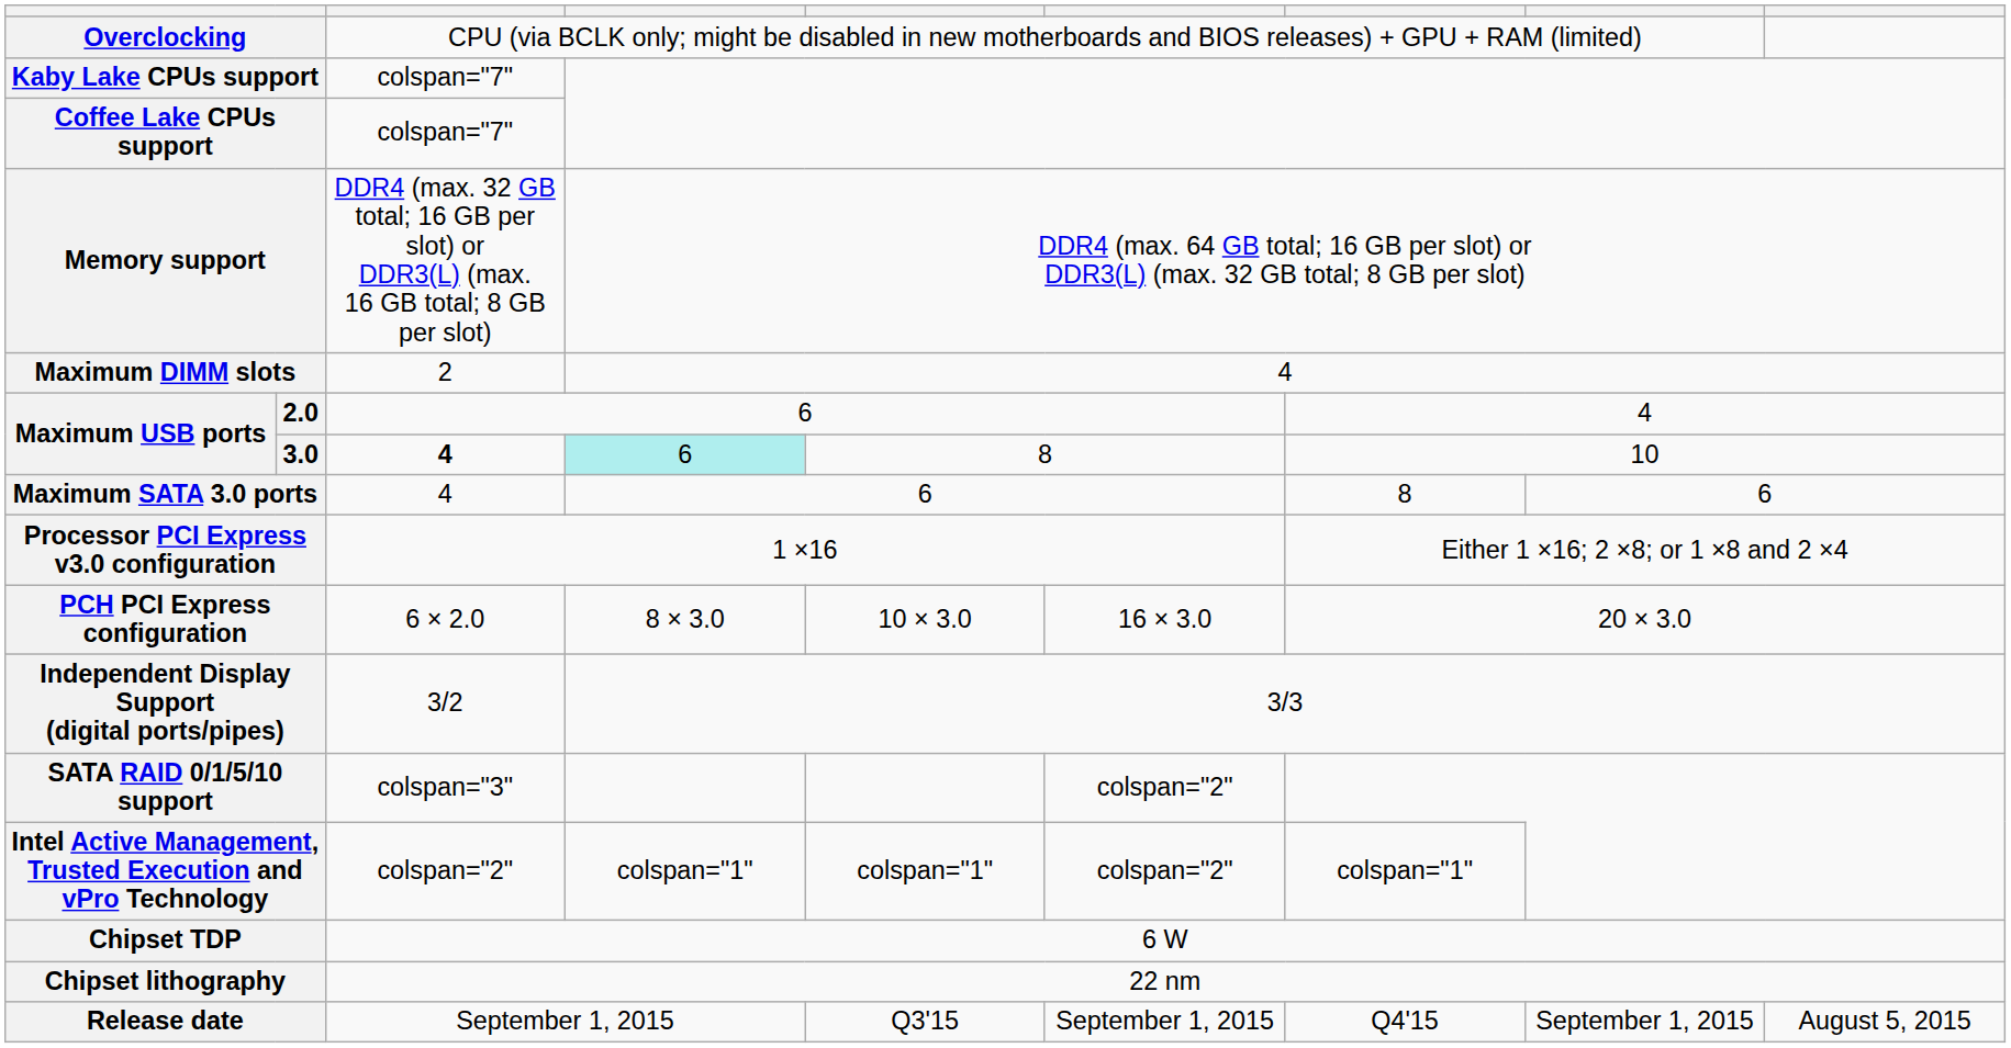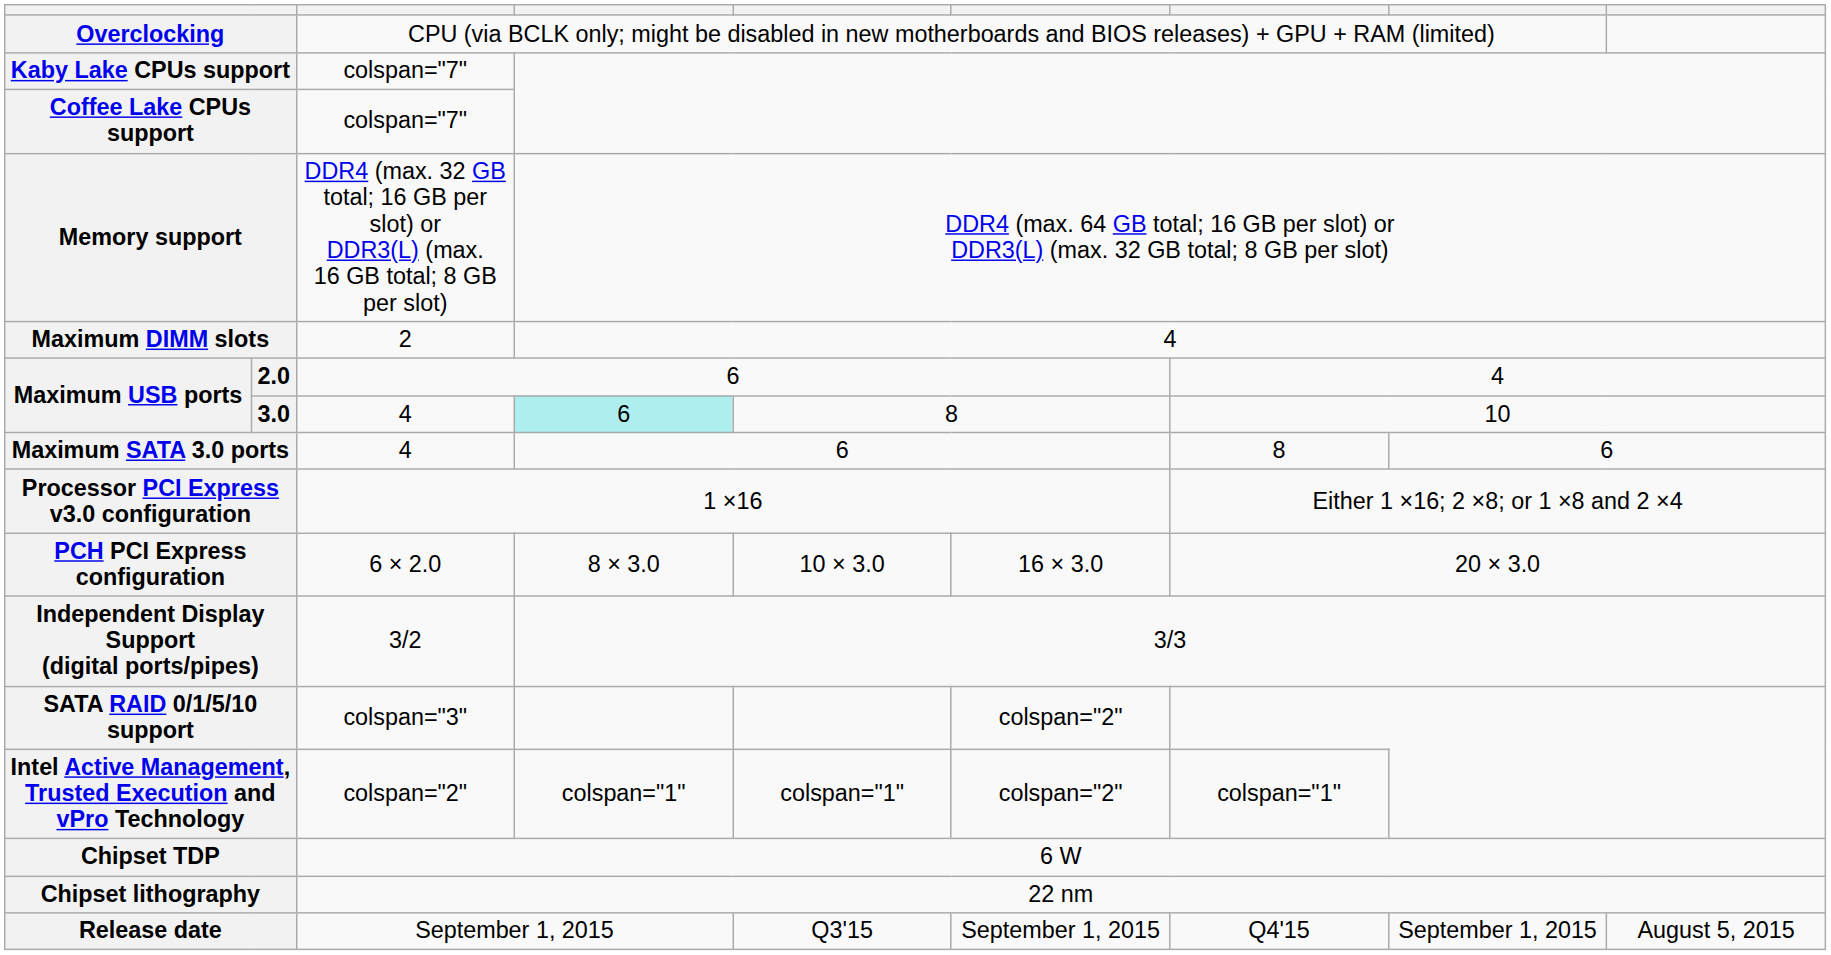 <table class="wikitable sticky-header" style="text-align: center; min-width: 30em; max-width: 100em;">
 <tr>
 <th colspan="2" scope="col" width="16%"></th>
 <th scope="col" width="12%"><span></span></th>
 <th scope="col" width="12%"><span></span></th>
 <th scope="col" width="12%"><span></span></th>
 <th scope="col" width="12%"><span></span></th>
 <th scope="col" width="12%"><span></span></th>
 <th scope="col" width="12%"><span></span></th>
 <th scope="col" width="12%"><span></span></th>
 </tr>
 <tr>
 <th colspan="2"><a href='#'>Overclocking</a></th>
 <td colspan="6">CPU (via BCLK only; might be disabled in new motherboards and BIOS releases) + GPU + RAM (limited)</td>
 <td></td>
 </tr>
 <tr>
 <th colspan="2"><a href='#'>Kaby Lake</a> CPUs support</th>
 <td>colspan="7" </td>
 </tr>
 <tr>
 <th colspan="2"><a href='#'>Coffee Lake</a> CPUs support</th>
 <td>colspan="7" </td>
 </tr>
 <tr>
 <th colspan="2">Memory support</th>
 <td><a href='#'>DDR4</a> (max. 32 <a href='#'>GB</a> total; 16 GB per slot) or<br><a href='#'>DDR3(L)</a> (max. 16 GB total; 8 GB per slot)</td>
 <td colspan="7"><a href='#'>DDR4</a> (max. 64 <a href='#'>GB</a> total; 16 GB per slot) or<br><a href='#'>DDR3(L)</a> (max. 32 GB total; 8 GB per slot)</td>
 </tr>
 <tr>
 <th colspan="2">Maximum <a href='#'>DIMM</a> slots</th>
 <td>2</td>
 <td colspan="6">4</td>
 </tr>
 <tr>
 <th rowspan="2">Maximum <a href='#'>USB</a> ports</th>
 <th>2.0</th>
 <td colspan="4">6</td>
 <td colspan="3">4</td>
 </tr>
 <tr>
 <th>3.0</th>
-<td><strong>4</strong></td>
+<td>4</td>
 <td style="background: paleturquoise;">6</td>
 <td colspan="2">8</td>
 <td colspan="3">10</td>
 </tr>
 <tr>
 <th colspan="2">Maximum <a href='#'>SATA</a> 3.0 ports</th>
 <td>4</td>
 <td colspan="3">6</td>
 <td>8</td>
 <td colspan="2">6</td>
 </tr>
 <tr>
 <th colspan="2">Processor <a href='#'>PCI Express</a> v3.0 configuration</th>
 <td colspan="4">1 ×16</td>
 <td colspan="3">Either 1 ×16; 2 ×8; or 1 ×8 and 2 ×4</td>
 </tr>
 <tr>
 <th colspan="2"><a href='#'>PCH</a> PCI Express configuration</th>
 <td>6 × 2.0</td>
 <td>8 × 3.0</td>
 <td>10 × 3.0</td>
 <td>16 × 3.0</td>
 <td colspan="3">20 × 3.0</td>
 </tr>
 <tr>
 <th colspan="2">Independent Display Support<br>(digital ports/pipes)</th>
 <td>3/2</td>
 <td colspan="6">3/3</td>
 </tr>
 <tr>
 <th colspan="2">SATA <a href='#'>RAID</a> 0/1/5/10 support</th>
 <td>colspan="3" </td>
 <td></td>
 <td></td>
 <td>colspan="2" </td>
 </tr>
 <tr>
 <th colspan="2">Intel <a href='#'>Active Management</a>, <a href='#'>Trusted Execution</a> and <a href='#'>vPro</a> Technology</th>
 <td>colspan="2" </td>
 <td>colspan="1" </td>
 <td>colspan="1" </td>
 <td>colspan="2" </td>
 <td>colspan="1" </td>
 </tr>
 <tr>
 <th colspan="2">Chipset TDP</th>
 <td colspan="7">6 W</td>
 </tr>
 <tr>
 <th colspan="2">Chipset lithography</th>
 <td colspan="7">22 nm</td>
 </tr>
 <tr>
 <th colspan="2">Release date</th>
 <td colspan="2">September 1, 2015</td>
 <td>Q3'15</td>
 <td>September 1, 2015</td>
 <td>Q4'15</td>
 <td>September 1, 2015</td>
 <td>August 5, 2015</td>
 </tr>
 </table>
